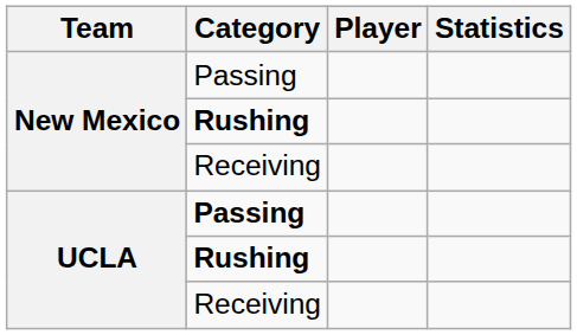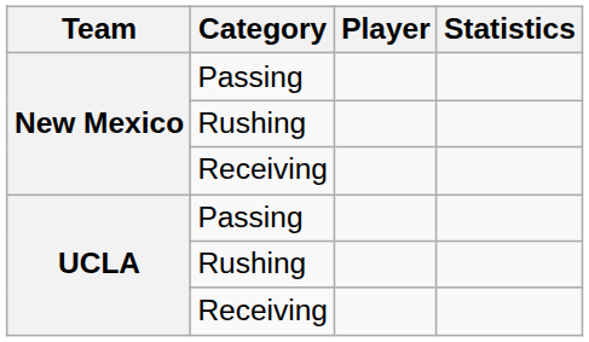 <table class="wikitable" style="float:right">
 <tr>
 <th>Team</th>
 <th>Category</th>
 <th>Player</th>
 <th>Statistics</th>
 </tr>
 <tr>
 <th rowspan=3>New Mexico</th>
 <td>Passing</td>
 <td></td>
 <td></td>
 </tr>
 <tr>
-<td><strong>Rushing</strong></td>
+<td>Rushing</td>
 <td></td>
 <td></td>
 </tr>
 <tr>
 <td>Receiving</td>
 <td></td>
 <td></td>
 </tr>
 <tr>
 <th rowspan=3>UCLA</th>
-<td><strong>Passing</strong></td>
+<td>Passing</td>
 <td></td>
 <td></td>
 </tr>
 <tr>
-<td><strong>Rushing</strong></td>
+<td>Rushing</td>
 <td></td>
 <td></td>
 </tr>
 <tr>
 <td>Receiving</td>
 <td></td>
 <td></td>
 </tr>
 </table>
